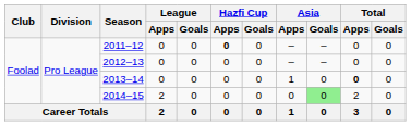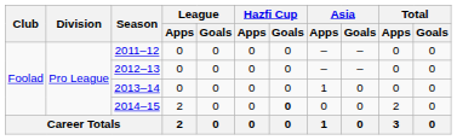 <table class="wikitable" style="text-align: center;">
 <tr>
 <th rowspan="2">Club</th>
 <th rowspan="2">Division</th>
 <th rowspan="2">Season</th>
 <th colspan="2">League</th>
 <th colspan="2"><a href='#'>Hazfi Cup</a></th>
 <th colspan="2"><a href='#'>Asia</a></th>
 <th colspan="2">Total</th>
 </tr>
 <tr>
 <th>Apps</th>
 <th>Goals</th>
 <th>Apps</th>
 <th>Goals</th>
 <th>Apps</th>
 <th>Goals</th>
 <th>Apps</th>
 <th>Goals</th>
 </tr>
 <tr>
 <td rowspan="4"><a href='#'>Foolad</a></td>
 <td rowspan="4"><a href='#'>Pro League</a></td>
 <td><a href='#'>2011–12</a></td>
 <td>0</td>
 <td>0</td>
-<td><strong>0</strong></td>
+<td>0</td>
 <td>0</td>
 <td>–</td>
 <td>–</td>
 <td>0</td>
 <td>0</td>
 </tr>
 <tr>
 <td><a href='#'>2012–13</a></td>
 <td>0</td>
 <td>0</td>
 <td>0</td>
 <td>0</td>
 <td>–</td>
 <td>–</td>
 <td>0</td>
 <td>0</td>
 </tr>
 <tr>
 <td><a href='#'>2013–14</a></td>
 <td>0</td>
 <td>0</td>
 <td>0</td>
 <td>0</td>
 <td>1</td>
 <td>0</td>
-<td><strong>0</strong></td>
+<td>0</td>
 <td>0</td>
 </tr>
 <tr>
 <td><a href='#'>2014–15</a></td>
 <td>2</td>
 <td>0</td>
 <td>0</td>
+<td><strong>0</strong></td>
 <td>0</td>
 <td>0</td>
-<td style="background: lightgreen;">0</td>
 <td>2</td>
 <td>0</td>
 </tr>
 <tr>
 <th colspan=3>Career Totals</th>
 <th>2</th>
 <th>0</th>
 <th>0</th>
 <th>0</th>
 <th>1</th>
 <th>0</th>
 <th>3</th>
 <th>0</th>
 </tr>
 </table>
